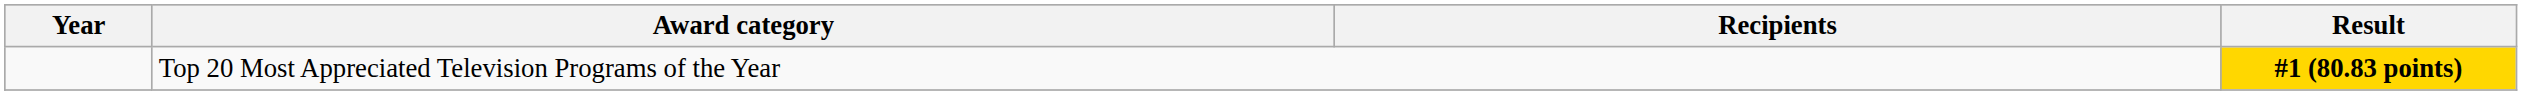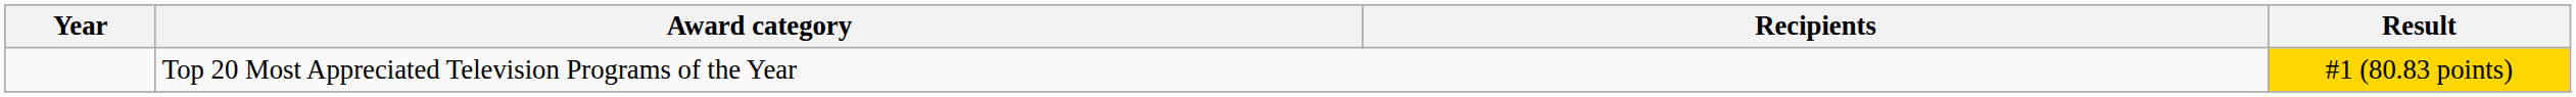 <table class="wikitable" width="95%" cellpadding="5">
 <tr>
 <th width="5%">Year</th>
 <th width="40%">Award category</th>
 <th width="30%">Recipients</th>
 <th width="10%">Result</th>
 </tr>
 <tr>
 <td></td>
 <td colspan="2">Top 20 Most Appreciated Television Programs of the Year</td>
-<td align="center" bgcolor="gold"><strong>#1 (80.83 points)</strong></td>
+<td align="center" bgcolor="gold">#1 (80.83 points)</td>
 </tr>
 </table>
